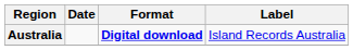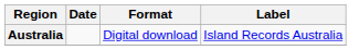 <table class="wikitable plainrowheaders">
 <tr>
 <th scope="col">Region</th>
 <th scope="col">Date</th>
 <th scope="col">Format</th>
 <th scope="col">Label</th>
 </tr>
 <tr>
 <th scope="row">Australia</th>
 <td scope="row"></td>
-<td scope="row"><strong><a href='#'>Digital download</a></strong></td>
+<td scope="row"><a href='#'>Digital download</a></td>
 <td scope="row"><a href='#'>Island Records Australia</a></td>
 </tr>
 <tr>
 </tr>
 </table>
